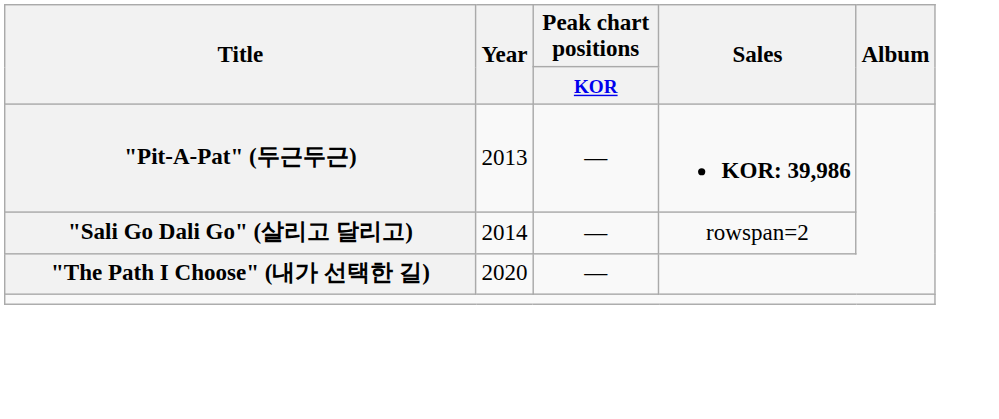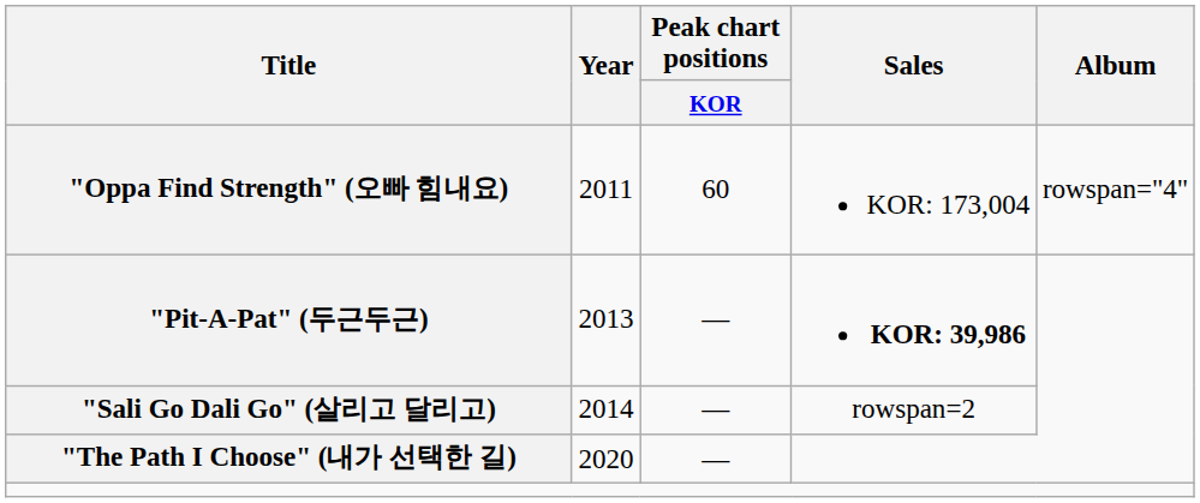 <table class="wikitable plainrowheaders" style="text-align:center">
 <tr>
 <th rowspan="2" scope="col" style="width:20em;">Title</th>
 <th rowspan="2" scope="col">Year</th>
 <th colspan="1" scope="col" style="width:5em;">Peak chart positions</th>
 <th rowspan="2" scope="col">Sales</th>
 <th rowspan="2" scope="col">Album</th>
 </tr>
 <tr>
 <th><small><a href='#'>KOR</a></small><br></th>
+</tr>
+<tr>
+<th scope="row">"Oppa Find Strength" (오빠 힘내요)</th>
+<td>2011</td>
+<td>60</td>
+<td><br><ul><li>KOR: 173,004</li></ul></td>
+<td>rowspan="4" </td>
 </tr>
 <tr>
 <th scope="row">"Pit-A-Pat" (두근두근)<br></th>
 <td>2013</td>
 <td>—</td>
 <td><strong><br><ul><li>KOR: 39,986</li></ul></strong></td>
 </tr>
 <tr>
 <th scope="row">"Sali Go Dali Go" (살리고 달리고)</th>
 <td>2014</td>
 <td>—</td>
 <td>rowspan=2 </td>
 </tr>
 <tr>
 <th scope="row">"The Path I Choose" (내가 선택한 길)<br></th>
 <td>2020</td>
 <td>—</td>
 </tr>
 <tr>
 <td colspan="5"></td>
 </tr>
 </table>
